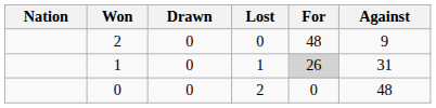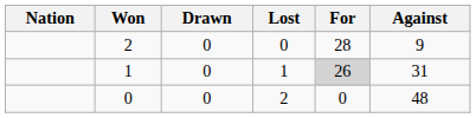 <table class="wikitable" style="width:50%;text-align:center">
 <tr>
 <th>Nation</th>
 <th>Won</th>
 <th>Drawn</th>
 <th>Lost</th>
 <th>For</th>
 <th>Against</th>
 </tr>
 <tr>
 <td align=left></td>
 <td>2</td>
 <td>0</td>
 <td>0</td>
-<td>48</td>
+<td>28</td>
 <td>9</td>
 </tr>
 <tr>
 <td align=left></td>
 <td>1</td>
 <td>0</td>
 <td>1</td>
 <td style="background: lightgrey;">26</td>
 <td>31</td>
 </tr>
 <tr>
 <td align=left></td>
 <td>0</td>
 <td>0</td>
 <td>2</td>
 <td>0</td>
 <td>48</td>
 </tr>
 </table>
